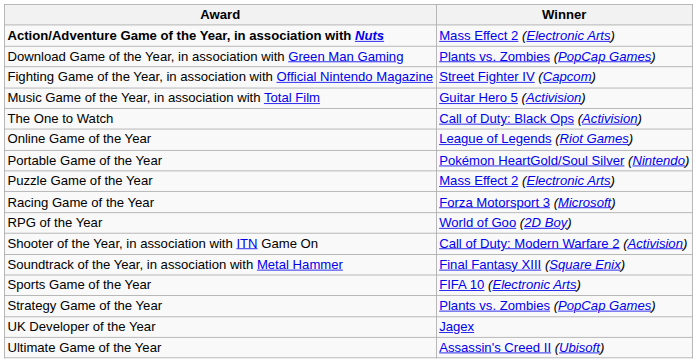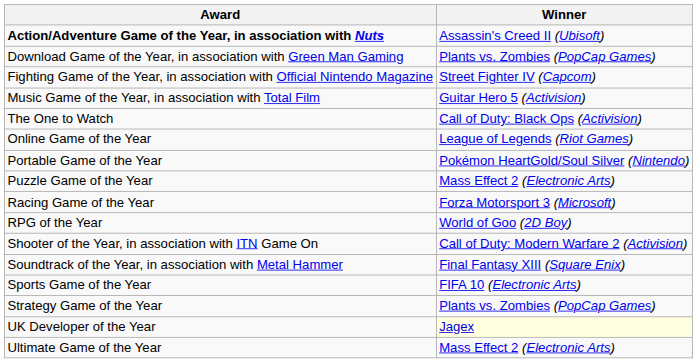 <table class="wikitable">
 <tr>
 <th><strong>Award</strong></th>
 <th><strong>Winner</strong></th>
 </tr>
 <tr>
 <td><strong>Action/Adventure Game of the Year, in association with <em><a href='#'>Nuts</a><strong><em></td>
-<td></em><a href='#'>Mass Effect 2</a><em>  (<a href='#'>Electronic Arts</a>)</td>
+<td></em><a href='#'>Assassin's Creed II</a><em> (<a href='#'>Ubisoft</a>)</td>
 </tr>
 <tr>
 <td></strong>Download Game of the Year, in association with <a href='#'>Green Man Gaming</a><strong></td>
 <td></em><a href='#'>Plants vs. Zombies</a><em> (<a href='#'>PopCap Games</a>)</td>
 </tr>
 <tr>
 <td></strong>Fighting Game of the Year, in association with <a href='#'>Official Nintendo Magazine</a><strong></td>
 <td></em><a href='#'>Street Fighter IV</a><em> (<a href='#'>Capcom</a>)</td>
 </tr>
 <tr>
 <td></strong>Music Game of the Year, in association with <a href='#'>Total Film</a><strong></td>
 <td></em><a href='#'>Guitar Hero 5</a><em> (<a href='#'>Activision</a>)</td>
 </tr>
 <tr>
 <td></strong>The One to Watch<strong></td>
 <td></em><a href='#'>Call of Duty: Black Ops</a><em> (<a href='#'>Activision</a>)</td>
 </tr>
 <tr>
 <td></strong>Online Game of the Year<strong></td>
 <td></em><a href='#'>League of Legends</a><em> (<a href='#'>Riot Games</a>)</td>
 </tr>
 <tr>
 <td></strong>Portable Game of the Year<strong></td>
 <td></em><a href='#'>Pokémon HeartGold/Soul Silver</a><em> (<a href='#'>Nintendo</a>)</td>
 </tr>
 <tr>
 <td></strong>Puzzle Game of the Year<strong></td>
 <td></em><a href='#'>Mass Effect 2</a><em> (<a href='#'>Electronic Arts</a>)</td>
 </tr>
 <tr>
 <td></strong>Racing Game of the Year<strong></td>
 <td></em><a href='#'>Forza Motorsport 3</a><em> (<a href='#'>Microsoft</a>)</td>
 </tr>
 <tr>
 <td></strong>RPG of the Year<strong></td>
 <td></em><a href='#'>World of Goo</a><em> (<a href='#'>2D Boy</a>)</td>
 </tr>
 <tr>
 <td></strong>Shooter of the Year, in association with <a href='#'>ITN</a> Game On<strong></td>
 <td></em><a href='#'>Call of Duty: Modern Warfare 2</a><em> (<a href='#'>Activision</a>)</td>
 </tr>
 <tr>
 <td></strong>Soundtrack of the Year, in association with <a href='#'>Metal Hammer</a><strong></td>
 <td></em><a href='#'>Final Fantasy XIII</a><em> (<a href='#'>Square Enix</a>)</td>
 </tr>
 <tr>
 <td></strong>Sports Game of the Year<strong></td>
 <td></em><a href='#'>FIFA 10</a><em> (<a href='#'>Electronic Arts</a>)</td>
 </tr>
 <tr>
 <td></strong>Strategy Game of the Year<strong></td>
 <td></em><a href='#'>Plants vs. Zombies</a><em> (<a href='#'>PopCap Games</a>)</td>
 </tr>
 <tr>
 <td></strong>UK Developer of the Year<strong></td>
-<td><a href='#'>Jagex</a></td>
+<td style="background: lightyellow;"><a href='#'>Jagex</a></td>
 </tr>
 <tr>
 <td></strong>Ultimate Game of the Year<strong></td>
-<td></em><a href='#'>Assassin's Creed II</a><em> (<a href='#'>Ubisoft</a>)</td>
+<td></em><a href='#'>Mass Effect 2</a><em>  (<a href='#'>Electronic Arts</a>)</td>
 </tr>
 </table>
